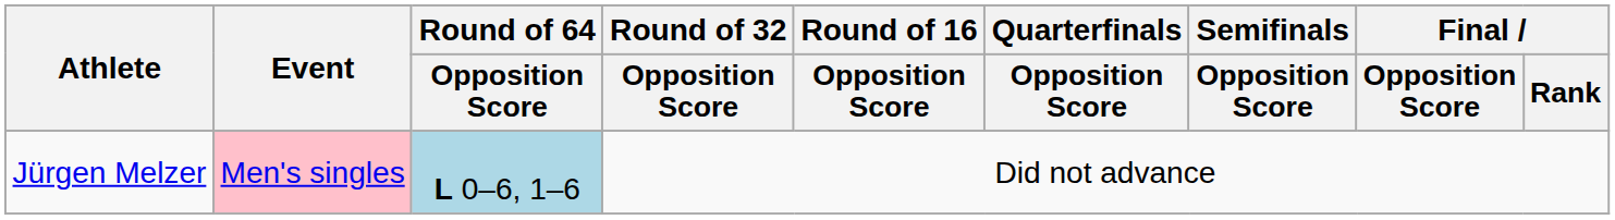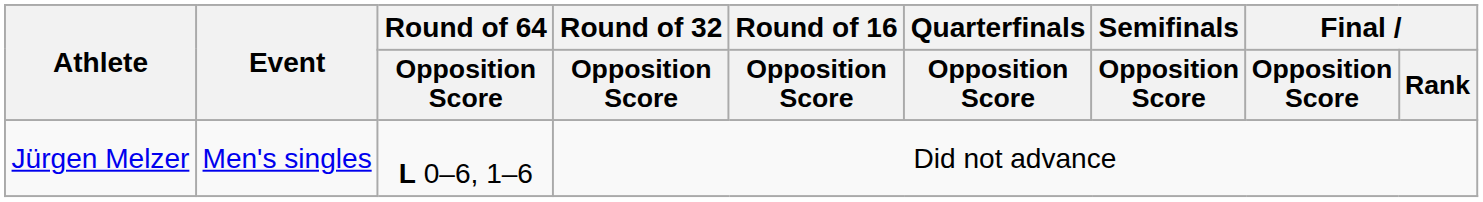 <table class=wikitable style="font-size:90%">
 <tr>
 <th rowspan="2">Athlete</th>
 <th rowspan="2">Event</th>
 <th>Round of 64</th>
 <th>Round of 32</th>
 <th>Round of 16</th>
 <th>Quarterfinals</th>
 <th>Semifinals</th>
 <th colspan=2>Final / </th>
 </tr>
 <tr style="font-size:95%">
 <th>Opposition<br>Score</th>
 <th>Opposition<br>Score</th>
 <th>Opposition<br>Score</th>
 <th>Opposition<br>Score</th>
 <th>Opposition<br>Score</th>
 <th>Opposition<br>Score</th>
 <th>Rank</th>
 </tr>
 <tr align=center>
 <td align=left><a href='#'>Jürgen Melzer</a></td>
-<td align=left style="background: pink;"><a href='#'>Men's singles</a></td>
-<td style="background: lightblue;"><br><strong>L</strong> 0–6, 1–6</td>
+<td align=left><a href='#'>Men's singles</a></td>
+<td><br><strong>L</strong> 0–6, 1–6</td>
 <td colspan=6>Did not advance</td>
 </tr>
 </table>
